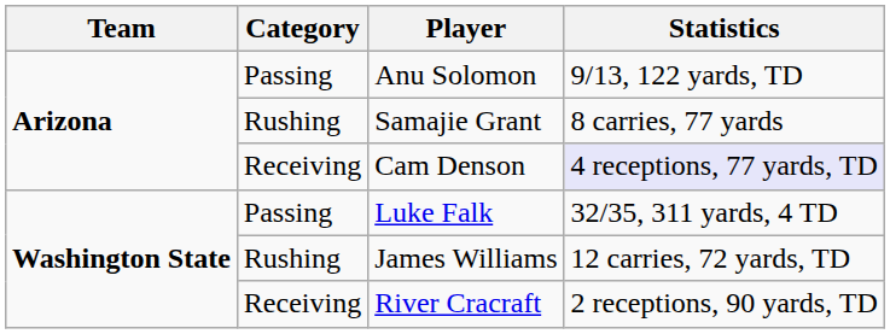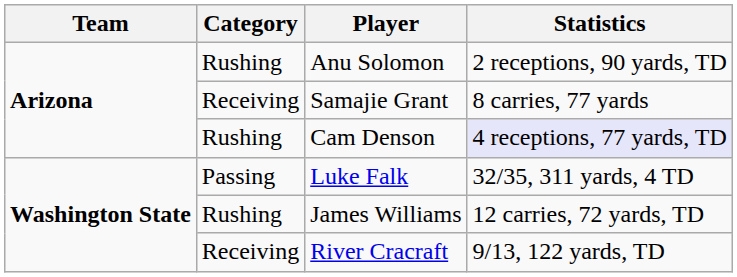 <table class="wikitable" style="float: right;">
 <tr>
 <th>Team</th>
 <th>Category</th>
 <th>Player</th>
 <th>Statistics</th>
 </tr>
 <tr>
 <td rowspan=3><strong>Arizona</strong></td>
-<td>Passing</td>
+<td>Rushing</td>
 <td>Anu Solomon</td>
-<td>9/13, 122 yards, TD</td>
+<td>2 receptions, 90 yards, TD</td>
 </tr>
 <tr>
-<td>Rushing</td>
+<td>Receiving</td>
 <td>Samajie Grant</td>
 <td>8 carries, 77 yards</td>
 </tr>
 <tr>
-<td>Receiving</td>
+<td>Rushing</td>
 <td>Cam Denson</td>
 <td style="background: lavender;">4 receptions, 77 yards, TD</td>
 </tr>
 <tr>
 <td rowspan=3><strong>Washington State</strong></td>
 <td>Passing</td>
 <td><a href='#'>Luke Falk</a></td>
 <td>32/35, 311 yards, 4 TD</td>
 </tr>
 <tr>
 <td>Rushing</td>
 <td>James Williams</td>
 <td>12 carries, 72 yards, TD</td>
 </tr>
 <tr>
 <td>Receiving</td>
 <td><a href='#'>River Cracraft</a></td>
-<td>2 receptions, 90 yards, TD</td>
+<td>9/13, 122 yards, TD</td>
 </tr>
 </table>
